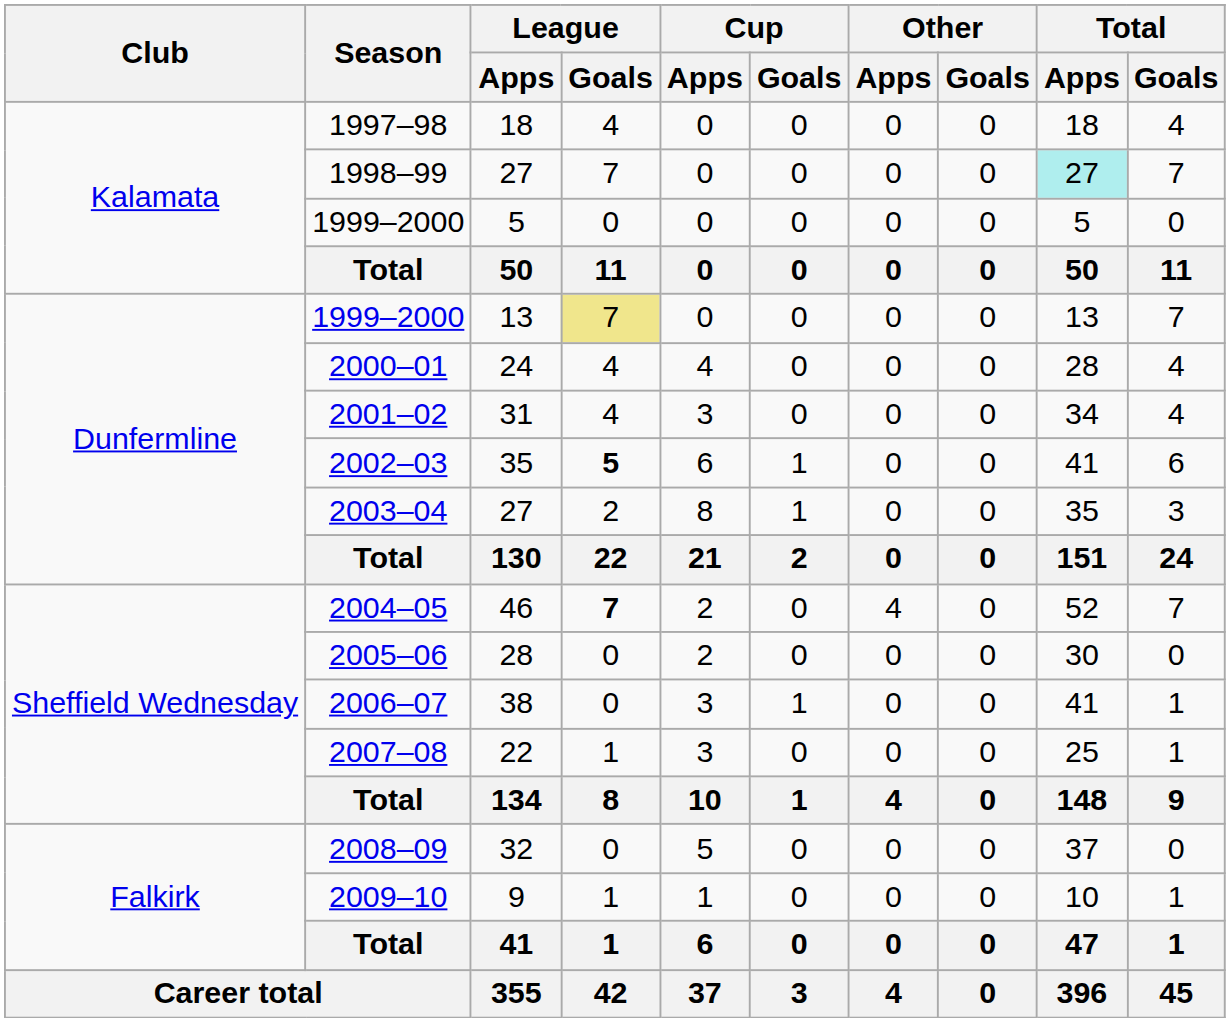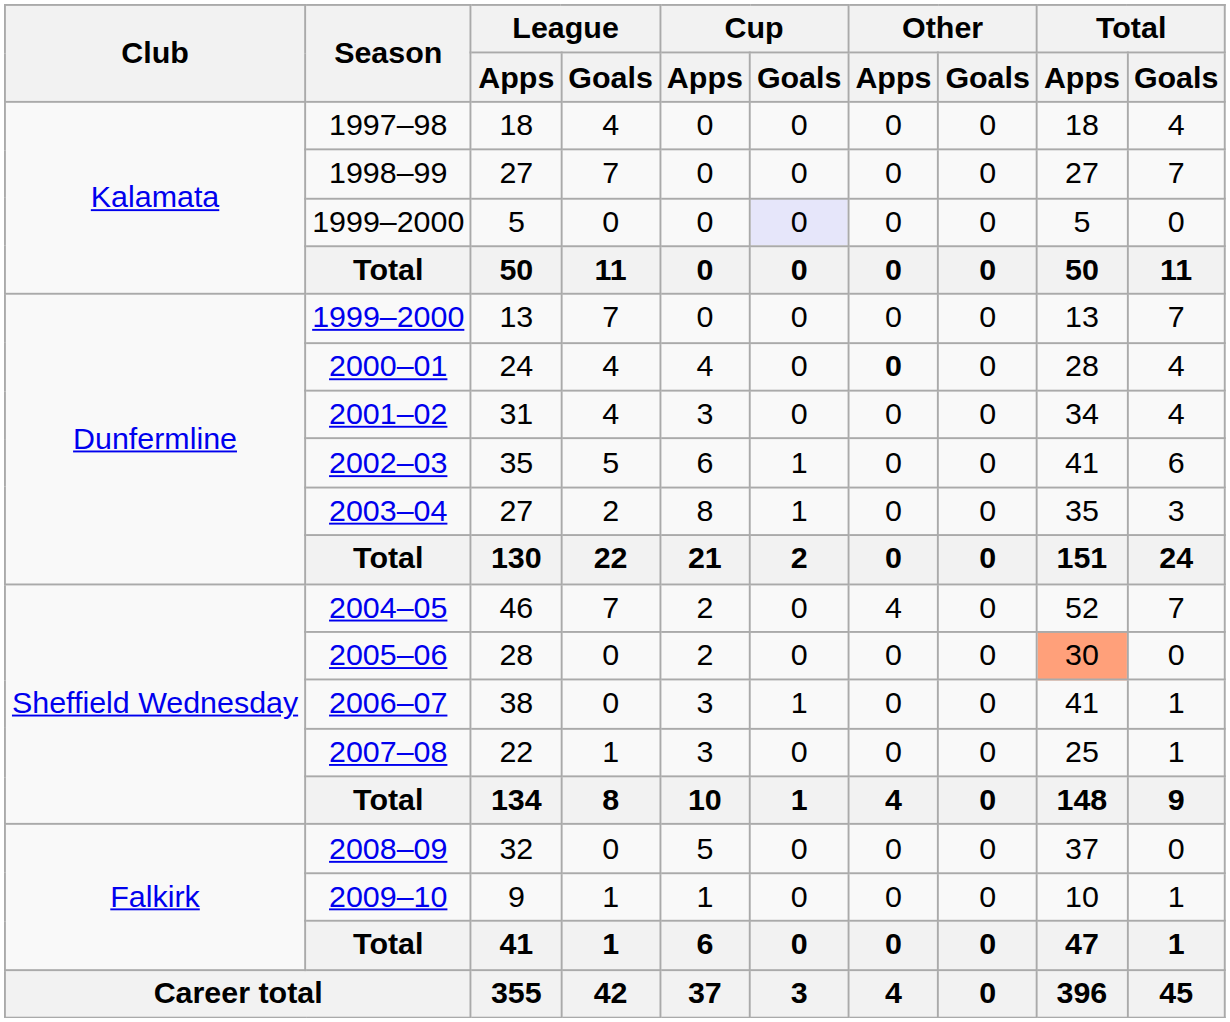 <table class="wikitable" style="text-align:center">
 <tr>
 <th rowspan="2">Club</th>
 <th rowspan="2">Season</th>
 <th colspan="2">League</th>
 <th colspan="2">Cup</th>
 <th colspan="2">Other</th>
 <th colspan="2">Total</th>
 </tr>
 <tr>
 <th>Apps</th>
 <th>Goals</th>
 <th>Apps</th>
 <th>Goals</th>
 <th>Apps</th>
 <th>Goals</th>
 <th>Apps</th>
 <th>Goals</th>
 </tr>
 <tr>
 <td rowspan="4"><a href='#'>Kalamata</a></td>
 <td>1997–98</td>
 <td>18</td>
 <td>4</td>
 <td>0</td>
 <td>0</td>
 <td>0</td>
 <td>0</td>
 <td>18</td>
 <td>4</td>
 </tr>
 <tr>
 <td>1998–99</td>
 <td>27</td>
 <td>7</td>
 <td>0</td>
 <td>0</td>
 <td>0</td>
 <td>0</td>
-<td style="background: paleturquoise;">27</td>
+<td>27</td>
 <td>7</td>
 </tr>
 <tr>
 <td>1999–2000</td>
 <td>5</td>
 <td>0</td>
 <td>0</td>
-<td>0</td>
+<td style="background: lavender;">0</td>
 <td>0</td>
 <td>0</td>
 <td>5</td>
 <td>0</td>
 </tr>
 <tr>
 <th>Total</th>
 <th>50</th>
 <th>11</th>
 <th>0</th>
 <th>0</th>
 <th>0</th>
 <th>0</th>
 <th>50</th>
 <th>11</th>
 </tr>
 <tr>
 <td rowspan="6"><a href='#'>Dunfermline</a></td>
 <td><a href='#'>1999–2000</a></td>
 <td>13</td>
-<td style="background: khaki;">7</td>
+<td>7</td>
 <td>0</td>
 <td>0</td>
 <td>0</td>
 <td>0</td>
 <td>13</td>
 <td>7</td>
 </tr>
 <tr>
 <td><a href='#'>2000–01</a></td>
 <td>24</td>
 <td>4</td>
 <td>4</td>
 <td>0</td>
-<td>0</td>
+<td><strong>0</strong></td>
 <td>0</td>
 <td>28</td>
 <td>4</td>
 </tr>
 <tr>
 <td><a href='#'>2001–02</a></td>
 <td>31</td>
 <td>4</td>
 <td>3</td>
 <td>0</td>
 <td>0</td>
 <td>0</td>
 <td>34</td>
 <td>4</td>
 </tr>
 <tr>
 <td><a href='#'>2002–03</a></td>
 <td>35</td>
-<td><strong>5</strong></td>
+<td>5</td>
 <td>6</td>
 <td>1</td>
 <td>0</td>
 <td>0</td>
 <td>41</td>
 <td>6</td>
 </tr>
 <tr>
 <td><a href='#'>2003–04</a></td>
 <td>27</td>
 <td>2</td>
 <td>8</td>
 <td>1</td>
 <td>0</td>
 <td>0</td>
 <td>35</td>
 <td>3</td>
 </tr>
 <tr>
 <th>Total</th>
 <th>130</th>
 <th>22</th>
 <th>21</th>
 <th>2</th>
 <th>0</th>
 <th>0</th>
 <th>151</th>
 <th>24</th>
 </tr>
 <tr>
 <td rowspan="5"><a href='#'>Sheffield Wednesday</a></td>
 <td><a href='#'>2004–05</a></td>
 <td>46</td>
-<td><strong>7</strong></td>
+<td>7</td>
 <td>2</td>
 <td>0</td>
 <td>4</td>
 <td>0</td>
 <td>52</td>
 <td>7</td>
 </tr>
 <tr>
 <td><a href='#'>2005–06</a></td>
 <td>28</td>
 <td>0</td>
 <td>2</td>
 <td>0</td>
 <td>0</td>
 <td>0</td>
-<td>30</td>
+<td style="background: lightsalmon;">30</td>
 <td>0</td>
 </tr>
 <tr>
 <td><a href='#'>2006–07</a></td>
 <td>38</td>
 <td>0</td>
 <td>3</td>
 <td>1</td>
 <td>0</td>
 <td>0</td>
 <td>41</td>
 <td>1</td>
 </tr>
 <tr>
 <td><a href='#'>2007–08</a></td>
 <td>22</td>
 <td>1</td>
 <td>3</td>
 <td>0</td>
 <td>0</td>
 <td>0</td>
 <td>25</td>
 <td>1</td>
 </tr>
 <tr>
 <th>Total</th>
 <th>134</th>
 <th>8</th>
 <th>10</th>
 <th>1</th>
 <th>4</th>
 <th>0</th>
 <th>148</th>
 <th>9</th>
 </tr>
 <tr>
 <td rowspan="3"><a href='#'>Falkirk</a></td>
 <td><a href='#'>2008–09</a></td>
 <td>32</td>
 <td>0</td>
 <td>5</td>
 <td>0</td>
 <td>0</td>
 <td>0</td>
 <td>37</td>
 <td>0</td>
 </tr>
 <tr>
 <td><a href='#'>2009–10</a></td>
 <td>9</td>
 <td>1</td>
 <td>1</td>
 <td>0</td>
 <td>0</td>
 <td>0</td>
 <td>10</td>
 <td>1</td>
 </tr>
 <tr>
 <th>Total</th>
 <th>41</th>
 <th>1</th>
 <th>6</th>
 <th>0</th>
 <th>0</th>
 <th>0</th>
 <th>47</th>
 <th>1</th>
 </tr>
 <tr>
 <th colspan="2">Career total</th>
 <th>355</th>
 <th>42</th>
 <th>37</th>
 <th>3</th>
 <th>4</th>
 <th>0</th>
 <th>396</th>
 <th>45</th>
 </tr>
 </table>
